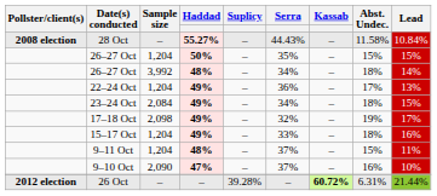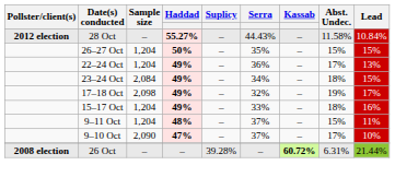 <table class="wikitable sortable" style="text-align:center;font-size:90%;line-height:14px;">
 <tr>
 <th rowspan="2">Pollster/client(s)</th>
 <th rowspan="2">Date(s)<br>conducted</th>
 <th rowspan="2" data-sort-type="number">Sample<br>size</th>
 <th class="unsortable" style="width:50px;"><a href='#'>Haddad</a><br></th>
 <th class="unsortable" style="width:50px;"><a href='#'>Suplicy</a><br></th>
 <th class="unsortable" style="width:50px;"><a href='#'>Serra</a><br></th>
 <th class="unsortable" style="width:50px;"><a href='#'>Kassab</a><br></th>
 <th rowspan="2" class="unsortable">Abst.<br>Undec.</th>
 <th rowspan="2" data-sort-type="number">Lead</th>
 </tr>
 <tr>
 <th data-sort-type="number" class="sortable" style="background:"></th>
 <th data-sort-type="number" class="sortable" style="background:"></th>
 <th data-sort-type="number" class="sortable" style="background:"></th>
 <th data-sort-type="number" class="sortable" style="background:"></th>
 </tr>
 <tr style="background:#E9E9E9;">
-<td><strong>2008 election</strong></td>
+<td><strong>2012 election</strong></td>
 <td>28 Oct</td>
 <td>–</td>
 <td style="background:#FFE3E3;"><strong>55.27%</strong></td>
 <td>–</td>
 <td>44.43%</td>
 <td>–</td>
 <td>11.58%</td>
 <td style="background:#CC0000;color:#FFFFFF;">10.84%</td>
 </tr>
 <tr>
 <td></td>
 <td>26–27 Oct</td>
 <td>1,204</td>
 <td style="background:#FFE3E3;"><strong>50%</strong></td>
 <td>–</td>
 <td>35%</td>
 <td>–</td>
 <td>15%</td>
 <td style="background:#CC0000;color:#FFFFFF;">15%</td>
-</tr>
-<tr>
-<td></td>
-<td>26–27 Oct</td>
-<td>3,992</td>
-<td style="background:#FFE3E3;"><strong>48%</strong></td>
-<td>–</td>
-<td>34%</td>
-<td>–</td>
-<td>18%</td>
-<td style="background:#CC0000;color:#FFFFFF;">14%</td>
 </tr>
 <tr>
 <td></td>
 <td>22–24 Oct</td>
 <td>1,204</td>
 <td style="background:#FFE3E3;"><strong>49%</strong></td>
 <td>–</td>
 <td>36%</td>
 <td>–</td>
 <td>17%</td>
 <td style="background:#CC0000;color:#FFFFFF;">13%</td>
 </tr>
 <tr>
 <td></td>
 <td>23–24 Oct</td>
 <td>2,084</td>
 <td style="background:#FFE3E3;"><strong>49%</strong></td>
 <td>–</td>
 <td>34%</td>
 <td>–</td>
 <td>18%</td>
 <td style="background:#CC0000;color:#FFFFFF;">15%</td>
 </tr>
 <tr>
 <td></td>
 <td>17–18 Oct</td>
 <td>2,098</td>
 <td style="background:#FFE3E3;"><strong>49%</strong></td>
 <td>–</td>
 <td>32%</td>
 <td>–</td>
 <td>19%</td>
 <td style="background:#CC0000;color:#FFFFFF;">17%</td>
 </tr>
 <tr>
 <td></td>
 <td>15–17 Oct</td>
 <td>1,204</td>
 <td style="background:#FFE3E3;"><strong>49%</strong></td>
 <td>–</td>
 <td>33%</td>
 <td>–</td>
 <td>18%</td>
 <td style="background:#CC0000;color:#FFFFFF;">16%</td>
 </tr>
 <tr>
 <td></td>
 <td>9–11 Oct</td>
 <td>1,204</td>
 <td style="background:#FFE3E3;"><strong>48%</strong></td>
 <td>–</td>
 <td>37%</td>
 <td>–</td>
 <td>15%</td>
 <td style="background:#CC0000;color:#FFFFFF;">11%</td>
 </tr>
 <tr>
 <td></td>
 <td>9–10 Oct</td>
 <td>2,090</td>
 <td style="background:#FFE3E3;"><strong>47%</strong></td>
 <td>–</td>
 <td>37%</td>
 <td>–</td>
-<td>16%</td>
+<td>17%</td>
 <td style="background:#CC0000;color:#FFFFFF;">10%</td>
 </tr>
 <tr>
 </tr>
 <tr style="background:#E9E9E9;">
-<td><strong>2012 election</strong></td>
+<td><strong>2008 election</strong></td>
 <td>26 Oct</td>
 <td>–</td>
 <td>–</td>
 <td>39.28%</td>
 <td>–</td>
 <td style="background:#D2FA9D;"><strong>60.72%</strong></td>
 <td>6.31%</td>
 <td style="background:#8CC633;">21.44%</td>
 </tr>
 </table>
